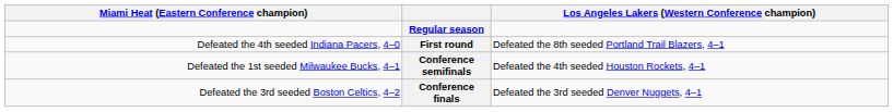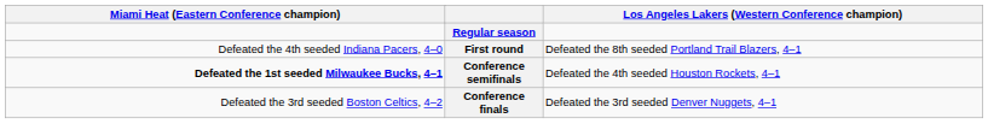 <table style="width:100%; font-size:90%" class="wikitable">
 <tr valign=top>
 <th colspan="2" style="width:45%;"><a href='#'>Miami Heat</a> (<a href='#'>Eastern Conference</a> champion)</th>
 <th></th>
 <th colspan="2" style="width:45%;"><a href='#'>Los Angeles Lakers</a> (<a href='#'>Western Conference</a> champion)</th>
 </tr>
 <tr>
 <td align=right><br></td>
 <th colspan=2><a href='#'>Regular season</a></th>
 <td></td>
 </tr>
 <tr>
 <td align=right>Defeated the 4th seeded <a href='#'>Indiana Pacers</a>, <a href='#'>4–0</a></td>
 <th colspan=2>First round</th>
 <td align=left>Defeated the 8th seeded <a href='#'>Portland Trail Blazers</a>, <a href='#'>4–1</a></td>
 </tr>
 <tr>
-<td align=right>Defeated the 1st seeded <a href='#'>Milwaukee Bucks</a>, <a href='#'>4–1</a></td>
+<td align=right><strong>Defeated the 1st seeded <a href='#'>Milwaukee Bucks</a>, <a href='#'>4–1</a></strong></td>
 <th colspan=2>Conference semifinals</th>
 <td align=left>Defeated the 4th seeded <a href='#'>Houston Rockets</a>, <a href='#'>4–1</a></td>
 </tr>
 <tr>
 <td align=right>Defeated the 3rd seeded <a href='#'>Boston Celtics</a>, <a href='#'>4–2</a></td>
 <th colspan=2>Conference finals</th>
 <td align=left>Defeated the 3rd seeded <a href='#'>Denver Nuggets</a>, <a href='#'>4–1</a></td>
 </tr>
 </table>
